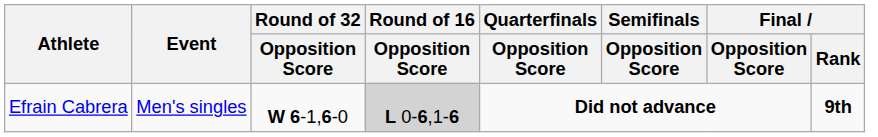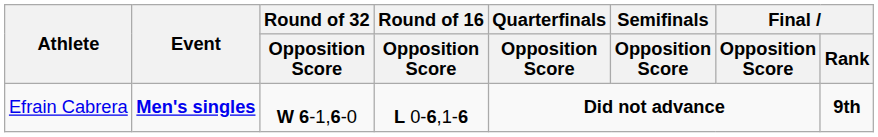 <table class="wikitable" border="1" style="font-size:90%">
 <tr>
 <th rowspan=2>Athlete</th>
 <th rowspan=2>Event</th>
 <th>Round of 32</th>
 <th>Round of 16</th>
 <th>Quarterfinals</th>
 <th>Semifinals</th>
 <th colspan=2>Final / </th>
 </tr>
 <tr>
 <th>Opposition<br>Score</th>
 <th>Opposition<br>Score</th>
 <th>Opposition<br>Score</th>
 <th>Opposition<br>Score</th>
 <th>Opposition<br>Score</th>
 <th>Rank</th>
 </tr>
 <tr>
 <td><a href='#'>Efrain Cabrera</a></td>
-<td><a href='#'>Men's singles</a></td>
+<td><strong><a href='#'>Men's singles</a></strong></td>
 <td align=center><br><strong>W</strong> <strong>6</strong>-1,<strong>6</strong>-0</td>
-<td align=center style="background: lightgrey;"><br><strong>L</strong> 0-<strong>6</strong>,1-<strong>6</strong></td>
+<td align=center><br><strong>L</strong> 0-<strong>6</strong>,1-<strong>6</strong></td>
 <td align=center colspan=3><strong>Did not advance</strong></td>
 <td align=center><strong>9th</strong></td>
 </tr>
 </table>
